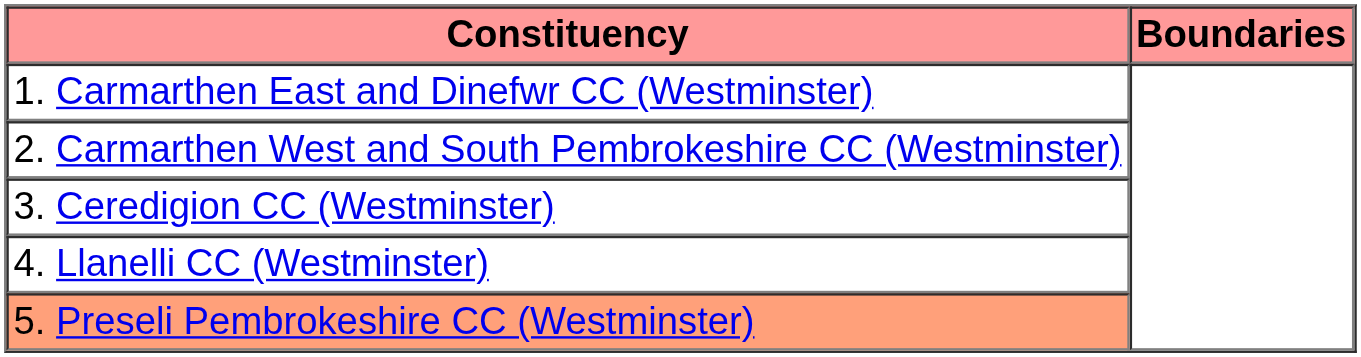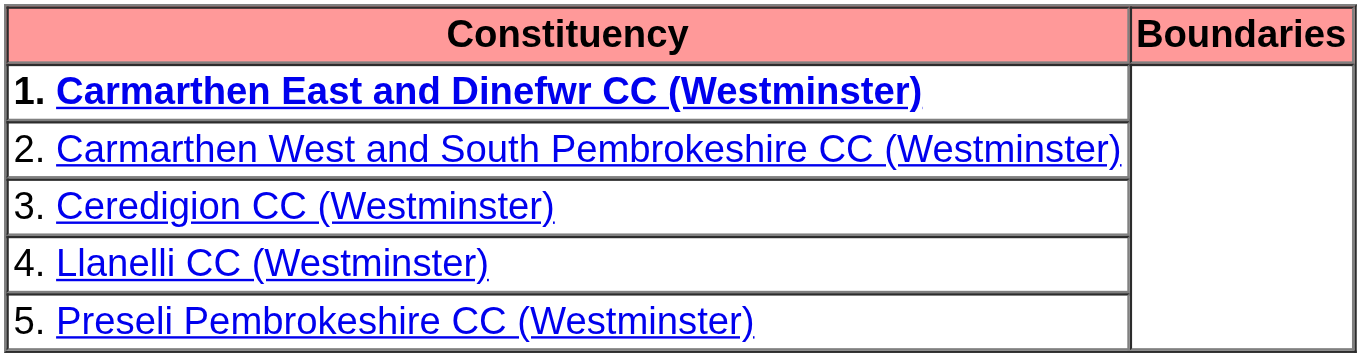 <table border=1 cellpadding="2" cellspacing="0">
 <tr>
 <th bgcolor="#ff9999">Constituency</th>
 <th bgcolor="#ff9999">Boundaries</th>
 </tr>
 <tr>
-<td>1. <a href='#'>Carmarthen East and Dinefwr CC (Westminster)</a></td>
+<td><strong>1. <a href='#'>Carmarthen East and Dinefwr CC (Westminster)</a></strong></td>
 <td rowspan=5></td>
 </tr>
 <tr>
 <td>2. <a href='#'>Carmarthen West and South Pembrokeshire CC (Westminster)</a></td>
 </tr>
 <tr>
 <td>3. <a href='#'>Ceredigion CC (Westminster)</a></td>
 </tr>
 <tr>
 <td>4. <a href='#'>Llanelli CC (Westminster)</a></td>
 </tr>
 <tr>
-<td style="background: lightsalmon;">5. <a href='#'>Preseli Pembrokeshire CC (Westminster)</a></td>
+<td>5. <a href='#'>Preseli Pembrokeshire CC (Westminster)</a></td>
 </tr>
 </table>
